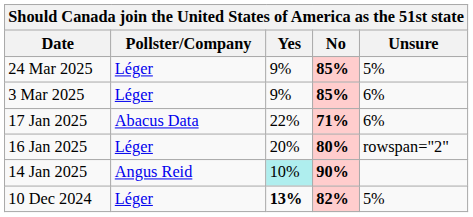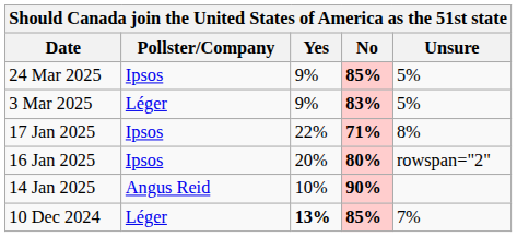 <table class="wikitable">
 <tr>
 <th colspan="6">Should Canada join the United States of America as the 51st state</th>
 </tr>
 <tr>
 <th>Date</th>
 <th>Pollster/Company</th>
 <th>Yes</th>
 <th>No</th>
 <th>Unsure</th>
 </tr>
 <tr>
 <td>24 Mar 2025</td>
-<td><a href='#'>Léger</a></td>
+<td><a href='#'>Ipsos</a></td>
 <td>9%</td>
 <td style="background: #FFCDCD;"><strong>85%</strong></td>
 <td>5%</td>
 </tr>
 <tr>
 <td>3 Mar 2025</td>
 <td><a href='#'>Léger</a></td>
 <td>9%</td>
-<td style="background: #FFCDCD;"><strong>85%</strong></td>
-<td>6%</td>
+<td style="background: #FFCDCD;"><strong>83%</strong></td>
+<td>5%</td>
 </tr>
 <tr>
 <td>17 Jan 2025</td>
-<td><a href='#'>Abacus Data</a></td>
+<td><a href='#'>Ipsos</a></td>
 <td>22%</td>
 <td style="background: #FFCDCD;"><strong>71%</strong></td>
-<td>6%</td>
+<td>8%</td>
 </tr>
 <tr>
 <td>16 Jan 2025</td>
-<td><a href='#'>Léger</a></td>
+<td><a href='#'>Ipsos</a></td>
 <td>20%</td>
 <td style="background: #FFCDCD;"><strong>80%</strong></td>
 <td>rowspan="2" </td>
 </tr>
 <tr>
 <td>14 Jan 2025</td>
 <td><a href='#'>Angus Reid</a></td>
-<td style="background: paleturquoise;">10%</td>
+<td>10%</td>
 <td style="background: #FFCDCD;"><strong>90%</strong></td>
 </tr>
 <tr>
 <td>10 Dec 2024</td>
 <td><a href='#'>Léger</a></td>
 <td><strong>13%</strong></td>
-<td style="background: #FFCDCD;"><strong>82%</strong></td>
-<td>5%</td>
+<td style="background: #FFCDCD;"><strong>85%</strong></td>
+<td>7%</td>
 </tr>
 </table>
